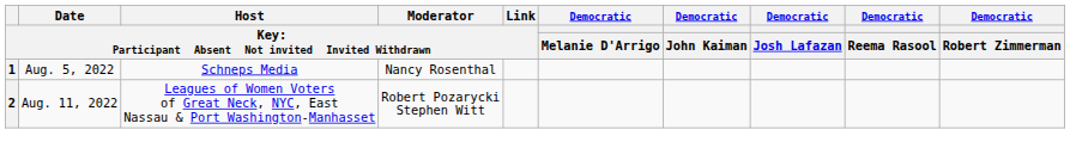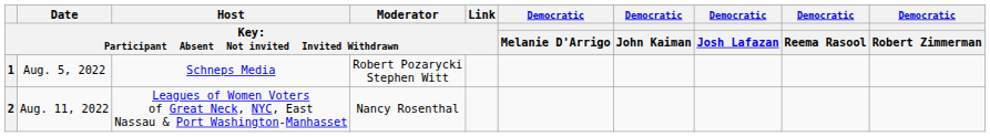 <table class="wikitable" style="text-align:center;">
 <tr>
 <th scope="col"></th>
 <th scope="col">Date</th>
 <th scope="col">Host</th>
 <th scope="col">Moderator</th>
 <th scope="col">Link</th>
 <th scope="col"><small><a href='#'>Democratic</a></small></th>
 <th scope="col"><small><a href='#'>Democratic</a></small></th>
 <th scope="col"><small><a href='#'>Democratic</a></small></th>
 <th scope="col"><small><a href='#'>Democratic</a></small></th>
 <th scope="col"><small><a href='#'>Democratic</a></small></th>
 </tr>
 <tr>
 <th colspan="5" rowspan="2">Key:<br> <small>Participant </small>  <small>Absent </small>  <small>Not invited </small>  <small>Invited  Withdrawn</small></th>
 <th scope="col" style="background:"></th>
 <th scope="col" style="background:"></th>
 <th scope="col" style="background:"></th>
 <th scope="col" style="background:"></th>
 <th scope="col" style="background:"></th>
 </tr>
 <tr>
 <th scope="col">Melanie D'Arrigo</th>
 <th scope="col">John Kaiman</th>
 <th scope="col"><a href='#'>Josh Lafazan</a></th>
 <th scope="col">Reema Rasool</th>
 <th scope="col">Robert Zimmerman</th>
 </tr>
 <tr>
 <th>1</th>
 <td style="white-space:nowrap;">Aug. 5, 2022</td>
 <td style="white-space:nowrap;"><a href='#'>Schneps Media</a></td>
-<td style="white-space:nowrap;">Nancy Rosenthal</td>
+<td style="white-space:nowrap;">Robert Pozarycki<br>Stephen Witt</td>
 <td style="white-space:nowrap;"></td>
 <td></td>
 <td></td>
 <td></td>
 <td></td>
 <td></td>
 </tr>
 <tr>
 <th>2</th>
 <td style="white-space:nowrap;">Aug. 11, 2022</td>
 <td style="white-space:nowrap;"><a href='#'>Leagues of Women Voters</a><br>of <a href='#'>Great Neck</a>, <a href='#'>NYC</a>, East<br>Nassau & <a href='#'>Port Washington</a>-<a href='#'>Manhasset</a></td>
-<td style="white-space:nowrap;">Robert Pozarycki<br>Stephen Witt</td>
+<td style="white-space:nowrap;">Nancy Rosenthal</td>
 <td style="white-space:nowrap;"></td>
 <td></td>
 <td></td>
 <td></td>
 <td></td>
 <td></td>
 </tr>
 </table>
